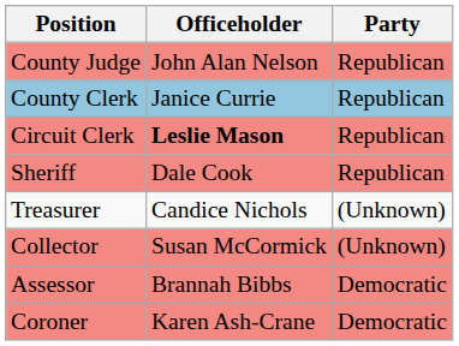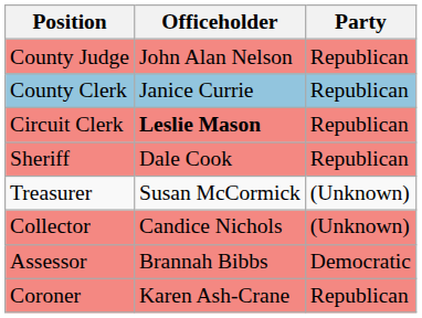 <table class="wikitable mw-collapsible">
 <tr>
 <th>Position</th>
 <th>Officeholder</th>
 <th>Party</th>
 </tr>
 <tr style="background-color:#F48882;">
 <td>County Judge</td>
 <td>John Alan Nelson</td>
 <td>Republican</td>
 </tr>
 <tr style="background-color:#92C5DE;">
 <td>County Clerk</td>
 <td>Janice Currie</td>
 <td>Republican</td>
 </tr>
 <tr style="background-color:#F48882;">
 <td>Circuit Clerk</td>
 <td><strong>Leslie Mason</strong></td>
 <td>Republican</td>
 </tr>
 <tr style="background-color:#F48882;">
 <td>Sheriff</td>
 <td>Dale Cook</td>
 <td>Republican</td>
 </tr>
 <tr>
 <td>Treasurer</td>
-<td>Candice Nichols</td>
+<td>Susan McCormick</td>
 <td>(Unknown)</td>
 </tr>
 <tr style="background-color:#F48882;">
 <td>Collector</td>
-<td>Susan McCormick</td>
+<td>Candice Nichols</td>
 <td>(Unknown)</td>
 </tr>
 <tr style="background-color:#F48882;">
 <td>Assessor</td>
 <td>Brannah Bibbs</td>
 <td>Democratic</td>
 </tr>
 <tr style="background-color:#F48882;">
 <td>Coroner</td>
 <td>Karen Ash-Crane</td>
-<td>Democratic</td>
+<td>Republican</td>
 </tr>
 </table>
